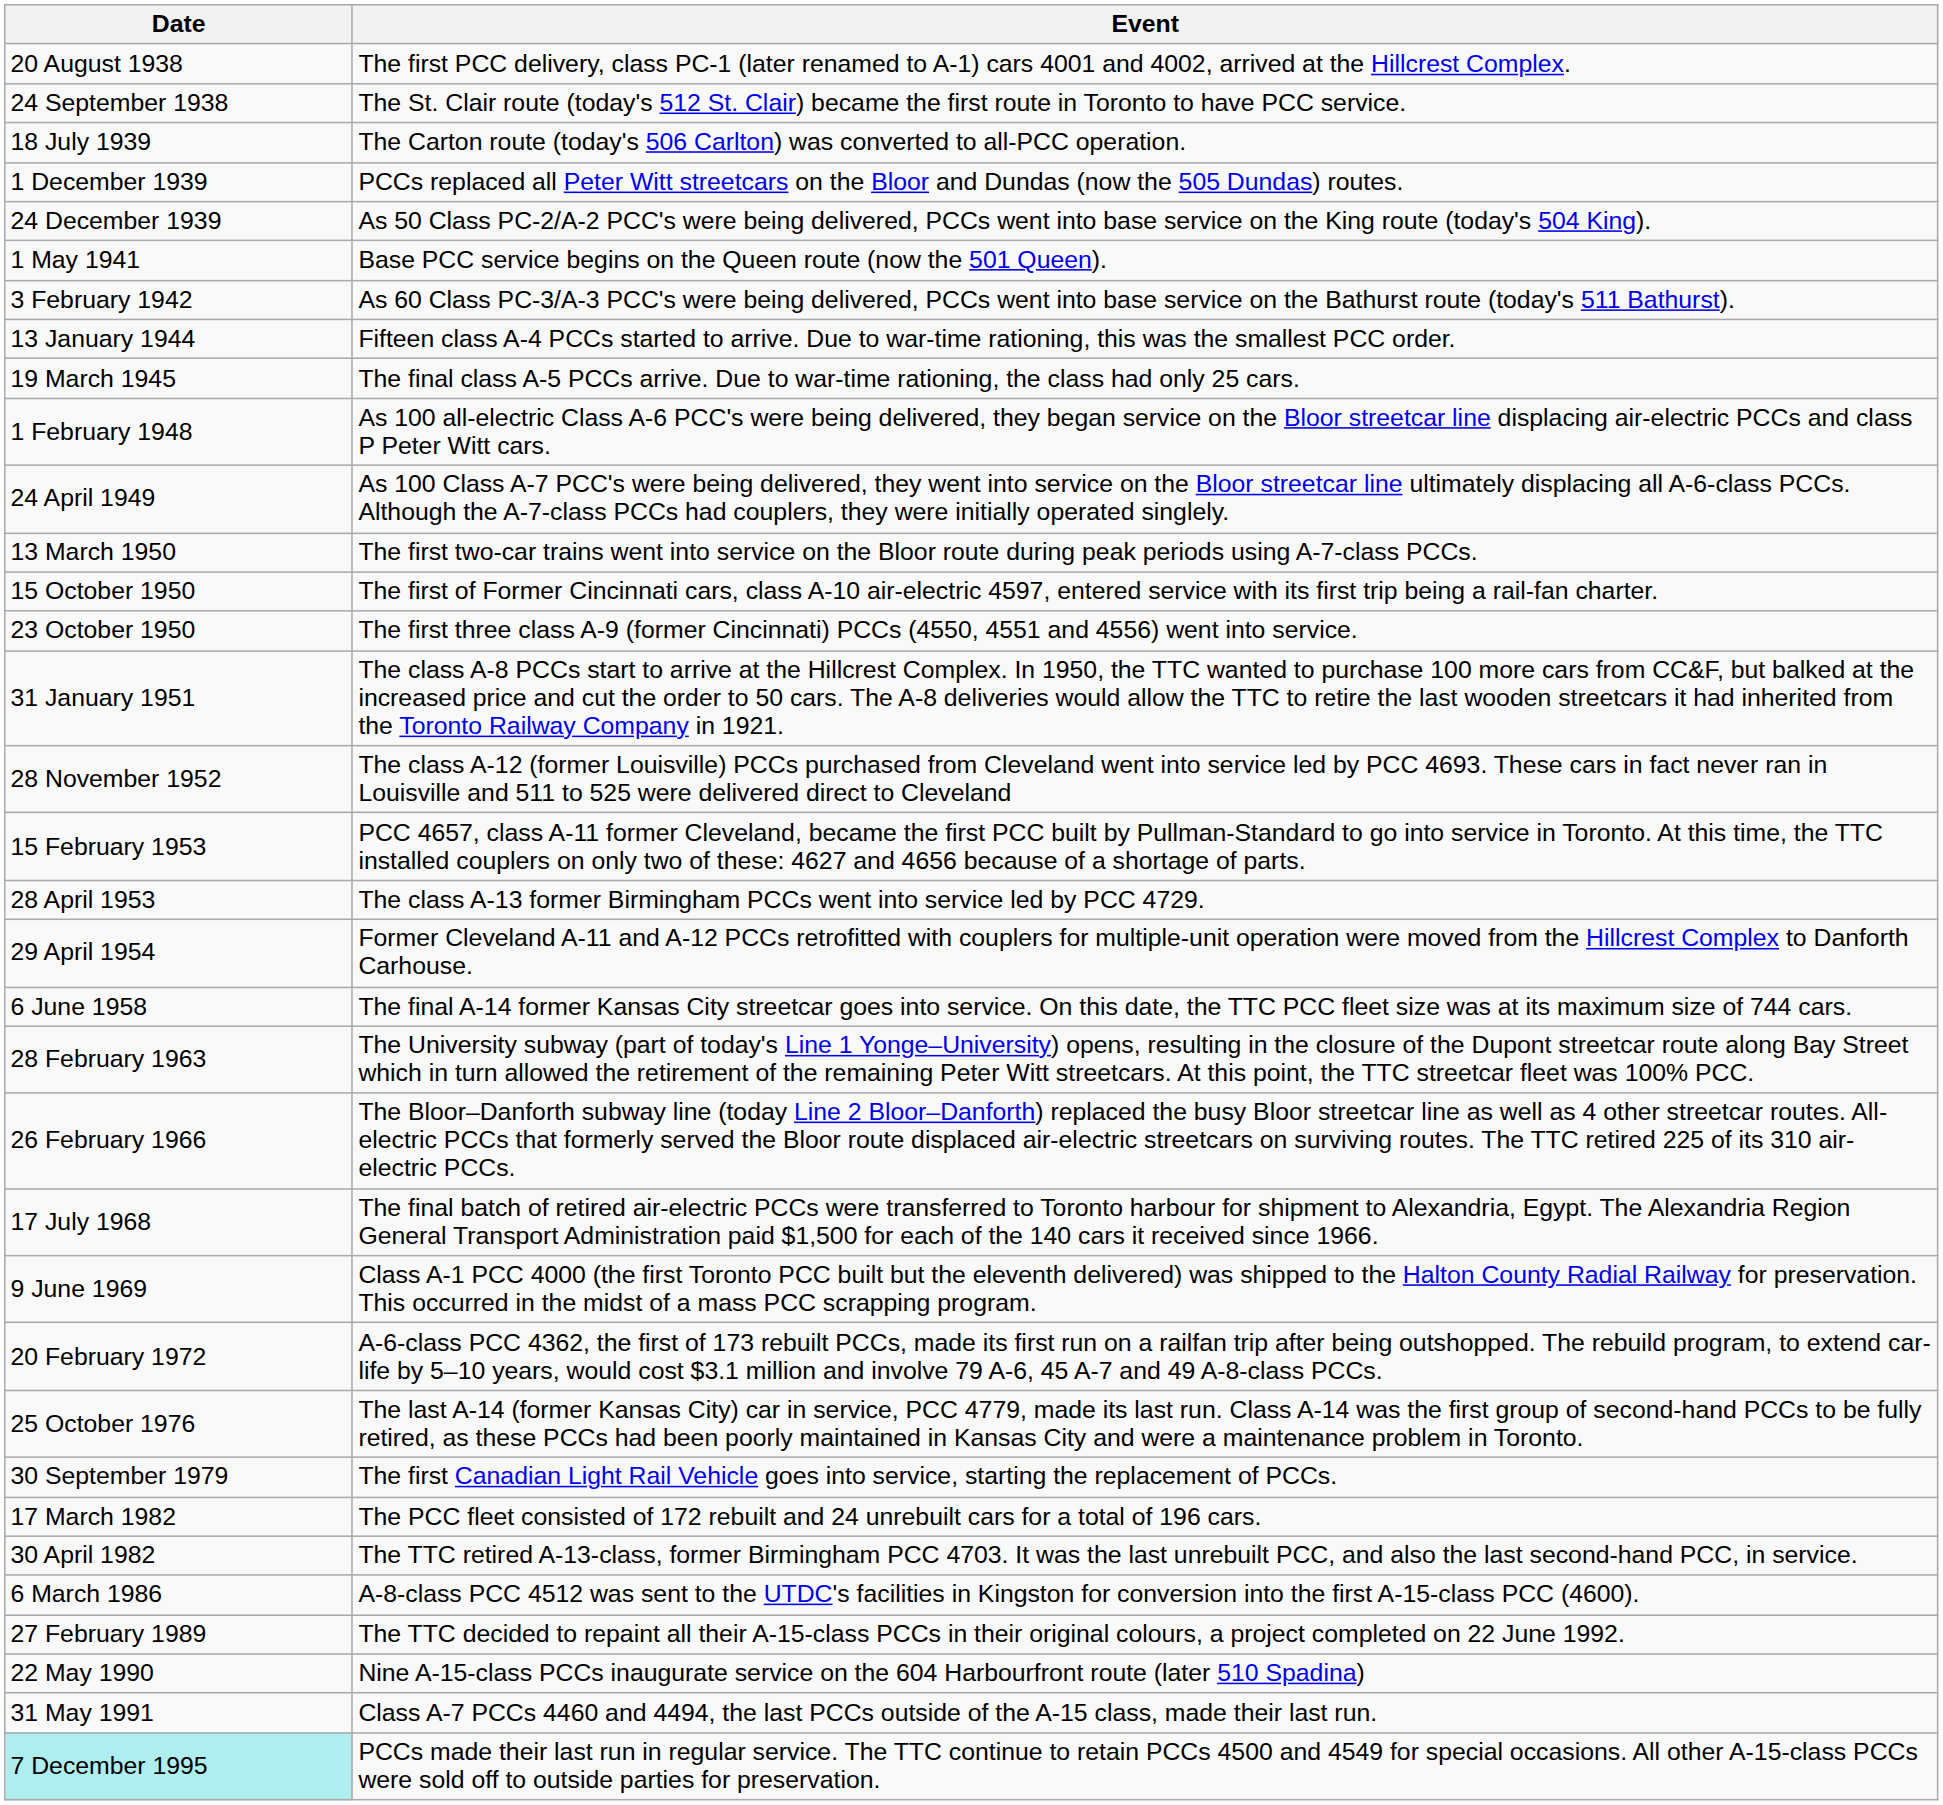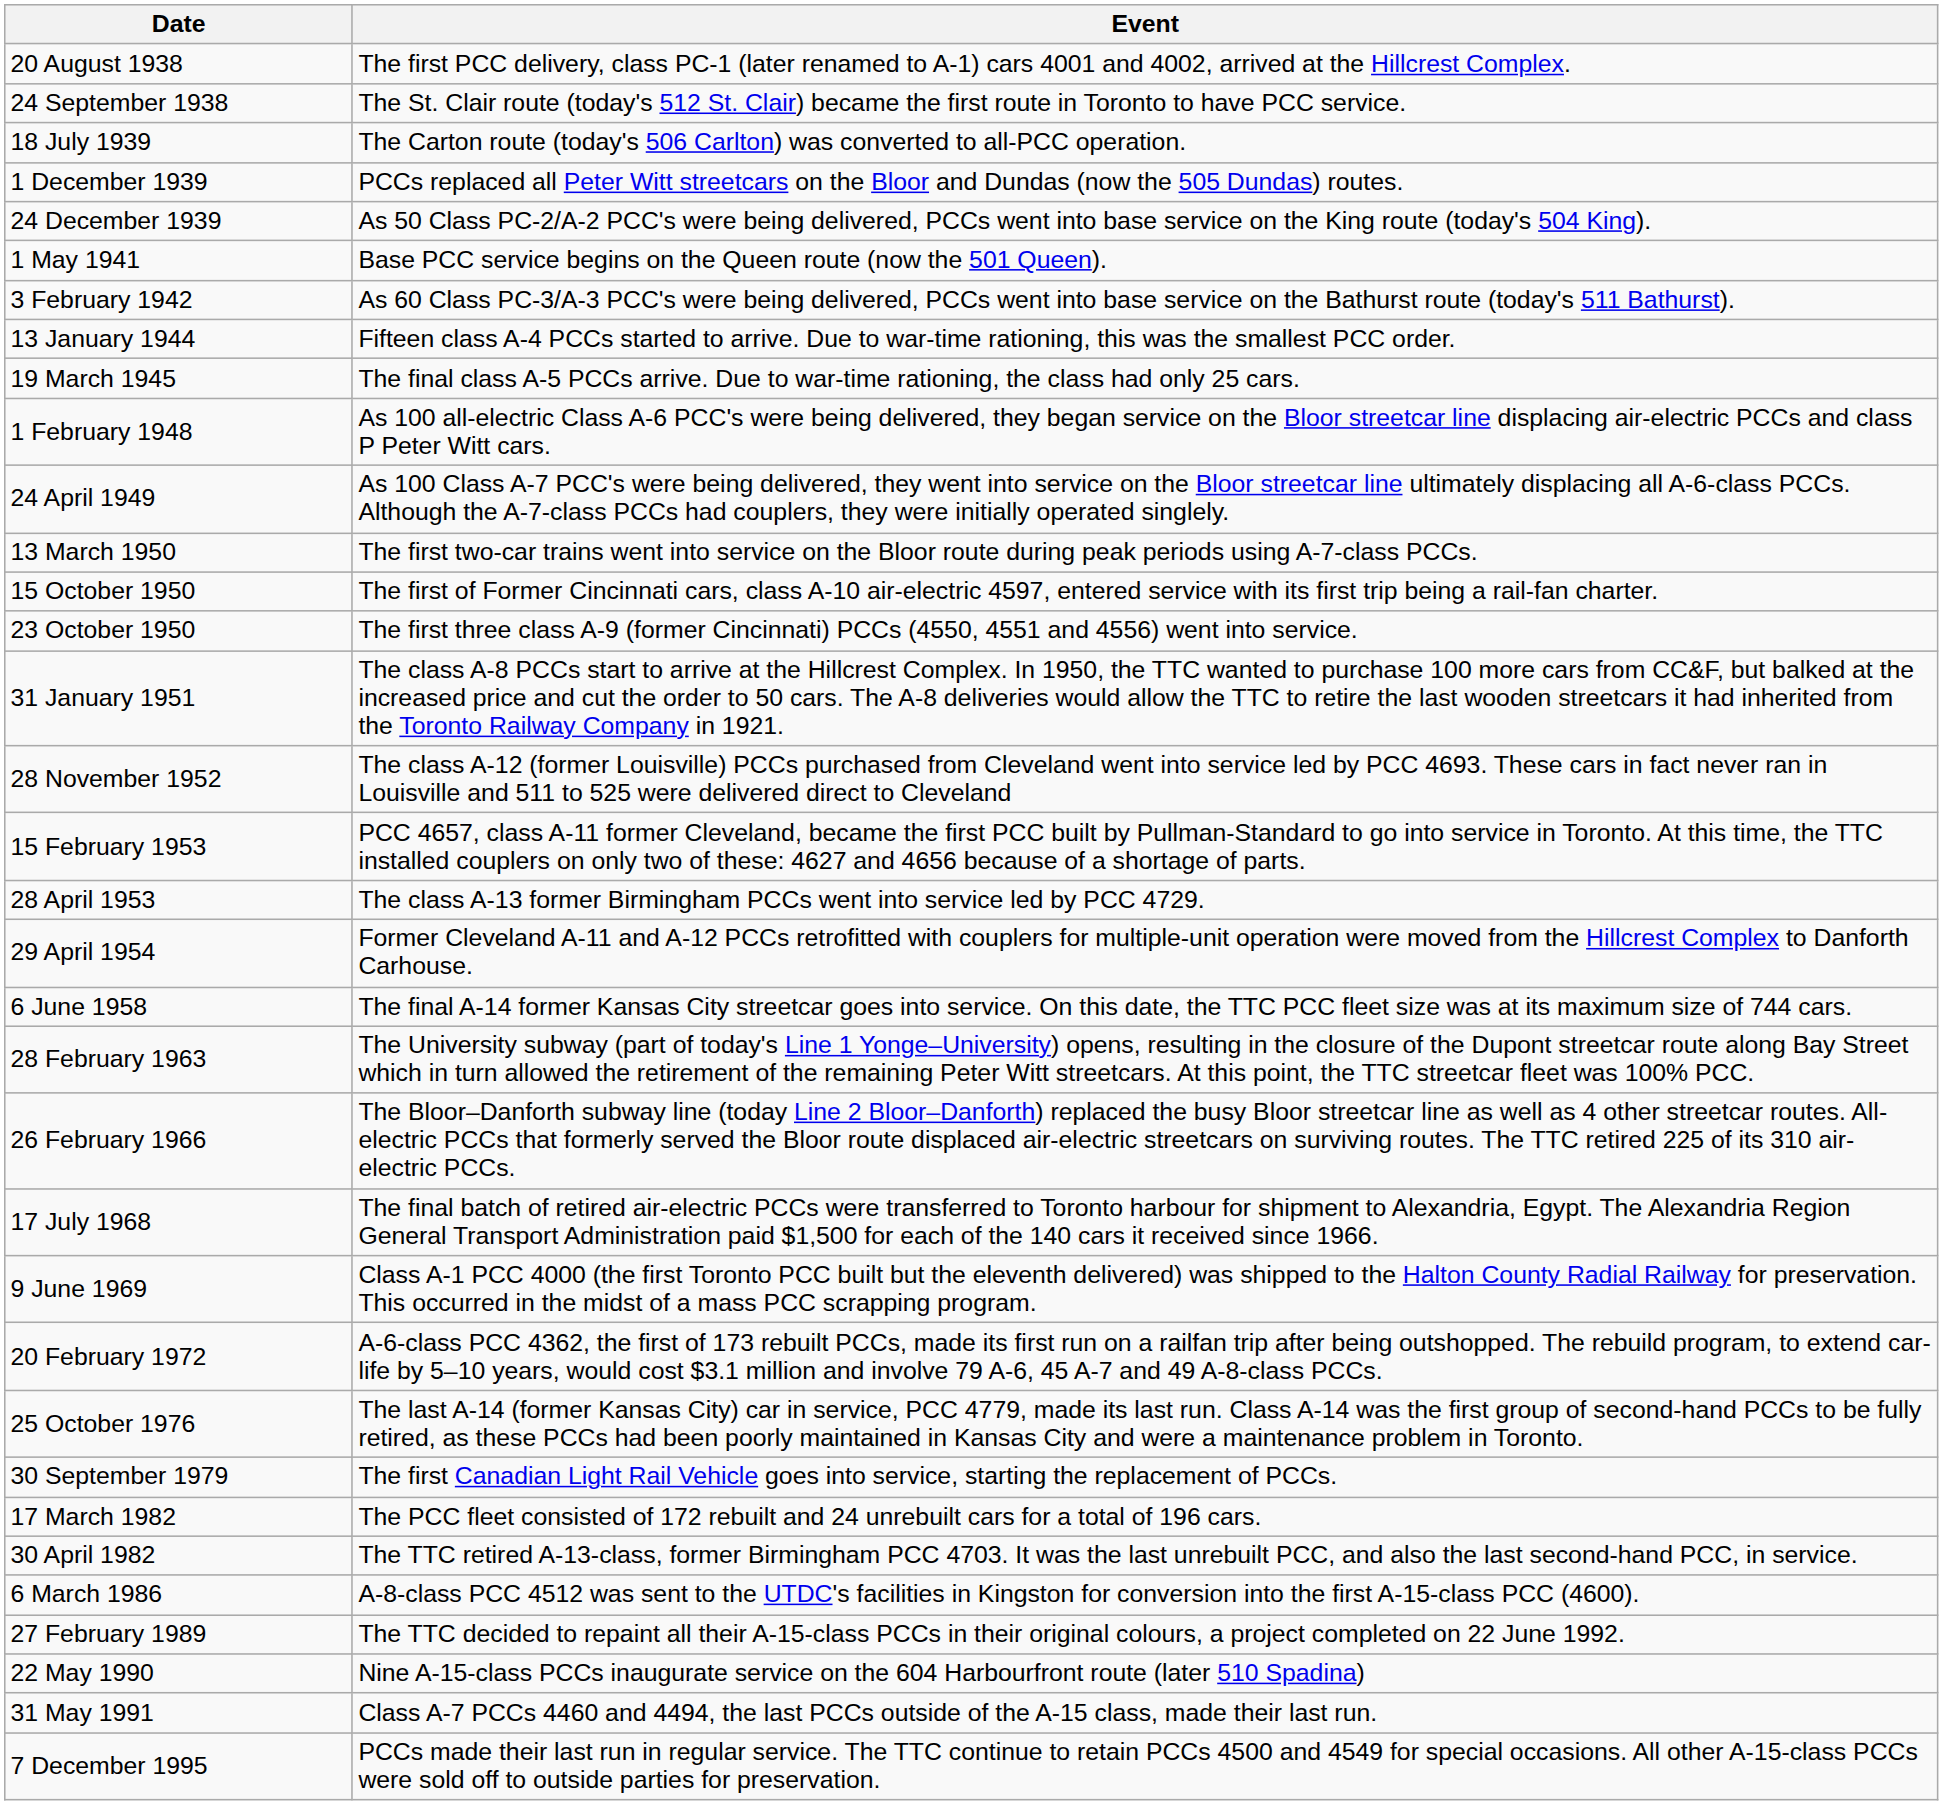 <table class="wikitable">
 <tr valign="top">
 <th width=18%>Date</th>
 <th>Event</th>
 </tr>
 <tr>
 <td>20 August 1938</td>
 <td>The first PCC delivery, class PC-1 (later renamed to A-1) cars 4001 and 4002, arrived at the <a href='#'>Hillcrest Complex</a>.</td>
 </tr>
 <tr>
 <td>24 September 1938</td>
 <td>The St. Clair route (today's <a href='#'>512 St. Clair</a>) became the first route in Toronto to have PCC service.</td>
 </tr>
 <tr>
 <td>18 July 1939</td>
 <td>The Carton route (today's <a href='#'>506 Carlton</a>) was converted to all-PCC operation.</td>
 </tr>
 <tr>
 <td>1 December 1939</td>
 <td>PCCs replaced all <a href='#'>Peter Witt streetcars</a> on the <a href='#'>Bloor</a> and Dundas (now the <a href='#'>505 Dundas</a>) routes.</td>
 </tr>
 <tr>
 <td>24 December 1939</td>
 <td>As 50 Class PC-2/A-2 PCC's were being delivered, PCCs went into base service on the King route (today's <a href='#'>504 King</a>).</td>
 </tr>
 <tr>
 <td>1 May 1941</td>
 <td>Base PCC service begins on the Queen route (now the <a href='#'>501 Queen</a>).</td>
 </tr>
 <tr>
 <td>3 February 1942</td>
 <td>As 60 Class PC-3/A-3 PCC's were being delivered, PCCs went into base service on the Bathurst route (today's <a href='#'>511 Bathurst</a>).</td>
 </tr>
 <tr>
 <td>13 January 1944</td>
 <td>Fifteen class A-4 PCCs started to arrive. Due to war-time rationing, this was the smallest PCC order.</td>
 </tr>
 <tr>
 <td>19 March 1945</td>
 <td>The final class A-5 PCCs arrive. Due to war-time rationing, the class had only 25 cars.</td>
 </tr>
 <tr>
 <td>1 February 1948</td>
 <td>As 100 all-electric Class A-6 PCC's were being delivered, they began service on the <a href='#'>Bloor streetcar line</a> displacing air-electric PCCs and class P Peter Witt cars.</td>
 </tr>
 <tr>
 <td>24 April 1949</td>
 <td>As 100 Class A-7 PCC's were being delivered, they went into service on the <a href='#'>Bloor streetcar line</a> ultimately displacing all A-6-class PCCs. Although the A-7-class PCCs had couplers, they were initially operated singlely.</td>
 </tr>
 <tr>
 <td>13 March 1950</td>
 <td>The first two-car trains went into service on the Bloor route during peak periods using A-7-class PCCs.</td>
 </tr>
 <tr>
 <td>15 October 1950</td>
 <td>The first of Former Cincinnati cars, class A-10 air-electric 4597, entered service with its first trip being a rail-fan charter.</td>
 </tr>
 <tr>
 <td>23 October 1950</td>
 <td>The first three class A-9 (former Cincinnati) PCCs (4550, 4551 and 4556) went into service.</td>
 </tr>
 <tr>
 <td>31 January 1951</td>
 <td>The class A-8 PCCs start to arrive at the Hillcrest Complex. In 1950, the TTC wanted to purchase 100 more cars from CC&F, but balked at the increased price and cut the order to 50 cars. The A-8 deliveries would allow the TTC to retire the last wooden streetcars it had inherited from the <a href='#'>Toronto Railway Company</a> in 1921.</td>
 </tr>
 <tr>
 <td>28 November 1952</td>
 <td>The class A-12 (former Louisville) PCCs purchased from Cleveland went into service led by PCC 4693. These cars in fact never ran in Louisville and 511 to 525 were delivered direct to Cleveland</td>
 </tr>
 <tr>
 <td>15 February 1953</td>
 <td>PCC 4657, class A-11 former Cleveland, became the first PCC built by Pullman-Standard to go into service in Toronto. At this time, the TTC installed couplers on only two of these: 4627 and 4656 because of a shortage of parts.</td>
 </tr>
 <tr>
 <td>28 April 1953</td>
 <td>The class A-13 former Birmingham PCCs went into service led by PCC 4729.</td>
 </tr>
 <tr>
 <td>29 April 1954</td>
 <td>Former Cleveland A-11 and A-12 PCCs retrofitted with couplers for multiple-unit operation were moved from the <a href='#'>Hillcrest Complex</a> to Danforth Carhouse.</td>
 </tr>
 <tr>
 <td>6 June 1958</td>
 <td>The final A-14 former Kansas City streetcar goes into service. On this date, the TTC PCC fleet size was at its maximum size of 744 cars.</td>
 </tr>
 <tr>
 <td>28 February 1963</td>
 <td>The University subway (part of today's <a href='#'>Line 1 Yonge–University</a>) opens, resulting in the closure of the Dupont streetcar route along Bay Street which in turn allowed the retirement of the remaining Peter Witt streetcars. At this point, the TTC streetcar fleet was 100% PCC.</td>
 </tr>
 <tr>
 <td>26 February 1966</td>
 <td>The Bloor–Danforth subway line (today <a href='#'>Line 2 Bloor–Danforth</a>) replaced the busy Bloor streetcar line as well as 4 other streetcar routes. All-electric PCCs that formerly served the Bloor route displaced air-electric streetcars on surviving routes. The TTC retired 225 of its 310 air-electric PCCs.</td>
 </tr>
 <tr>
 <td>17 July 1968</td>
 <td>The final batch of retired air-electric PCCs were transferred to Toronto harbour for shipment to Alexandria, Egypt. The Alexandria Region General Transport Administration paid $1,500 for each of the 140 cars it received since 1966.</td>
 </tr>
 <tr>
 <td>9 June 1969</td>
 <td>Class A-1 PCC 4000 (the first Toronto PCC built but the eleventh delivered) was shipped to the <a href='#'>Halton County Radial Railway</a> for preservation. This occurred in the midst of a mass PCC scrapping program.</td>
 </tr>
 <tr>
 <td>20 February 1972</td>
 <td>A-6-class PCC 4362, the first of 173 rebuilt PCCs, made its first run on a railfan trip after being outshopped. The rebuild program, to extend car-life by 5–10 years, would cost $3.1 million and involve 79 A-6, 45 A-7 and 49 A-8-class PCCs.</td>
 </tr>
 <tr>
 <td>25 October 1976</td>
 <td>The last A-14 (former Kansas City) car in service, PCC 4779, made its last run. Class A-14 was the first group of second-hand PCCs to be fully retired, as these PCCs had been poorly maintained in Kansas City and were a maintenance problem in Toronto.</td>
 </tr>
 <tr>
 <td>30 September 1979</td>
 <td>The first <a href='#'>Canadian Light Rail Vehicle</a> goes into service, starting the replacement of PCCs.</td>
 </tr>
 <tr>
 <td>17 March 1982</td>
 <td>The PCC fleet consisted of 172 rebuilt and 24 unrebuilt cars for a total of 196 cars.</td>
 </tr>
 <tr>
 <td>30 April 1982</td>
 <td>The TTC retired A-13-class, former Birmingham PCC 4703. It was the last unrebuilt PCC, and also the last second-hand PCC, in service.</td>
 </tr>
 <tr>
 <td>6 March 1986</td>
 <td>A-8-class PCC 4512 was sent to the <a href='#'>UTDC</a>'s facilities in Kingston for conversion into the first A-15-class PCC (4600).</td>
 </tr>
 <tr>
 <td>27 February 1989</td>
 <td>The TTC decided to repaint all their A-15-class PCCs in their original colours, a project completed on 22 June 1992.</td>
 </tr>
 <tr>
 <td>22 May 1990</td>
 <td>Nine A-15-class PCCs inaugurate service on the 604 Harbourfront route (later <a href='#'>510 Spadina</a>)</td>
 </tr>
 <tr>
 <td>31 May 1991</td>
 <td>Class A-7 PCCs 4460 and 4494, the last PCCs outside of the A-15 class, made their last run.</td>
 </tr>
 <tr>
-<td style="background: paleturquoise;">7 December 1995</td>
+<td>7 December 1995</td>
 <td>PCCs made their last run in regular service. The TTC continue to retain PCCs 4500 and 4549 for special occasions. All other A-15-class PCCs were sold off to outside parties for preservation.</td>
 </tr>
 </table>
